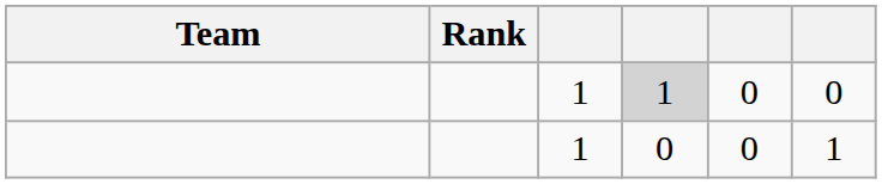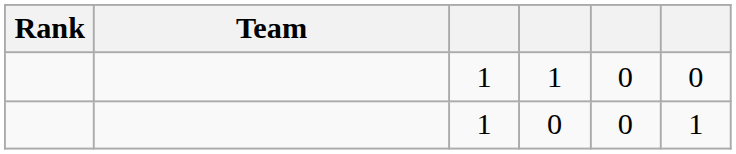 <table class="wikitable" style="text-align: center;">
 <tr>
+<th width=40>Rank</th>
 <th width=180>Team</th>
-<th width=40>Rank</th>
 <th width=30></th>
 <th width=30></th>
 <th width=30></th>
 <th width=30></th>
 </tr>
 <tr>
+<td></td>
 <td align=left></td>
-<td></td>
 <td>1</td>
-<td style="background: lightgrey;">1</td>
+<td>1</td>
 <td>0</td>
 <td>0</td>
 </tr>
 <tr>
+<td></td>
 <td align=left></td>
-<td></td>
 <td>1</td>
 <td>0</td>
 <td>0</td>
 <td>1</td>
 </tr>
 </table>
